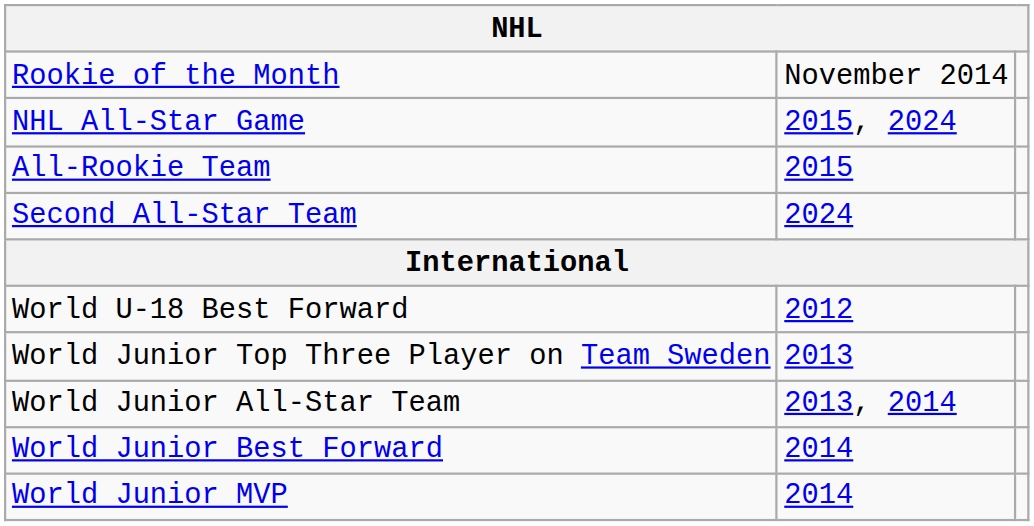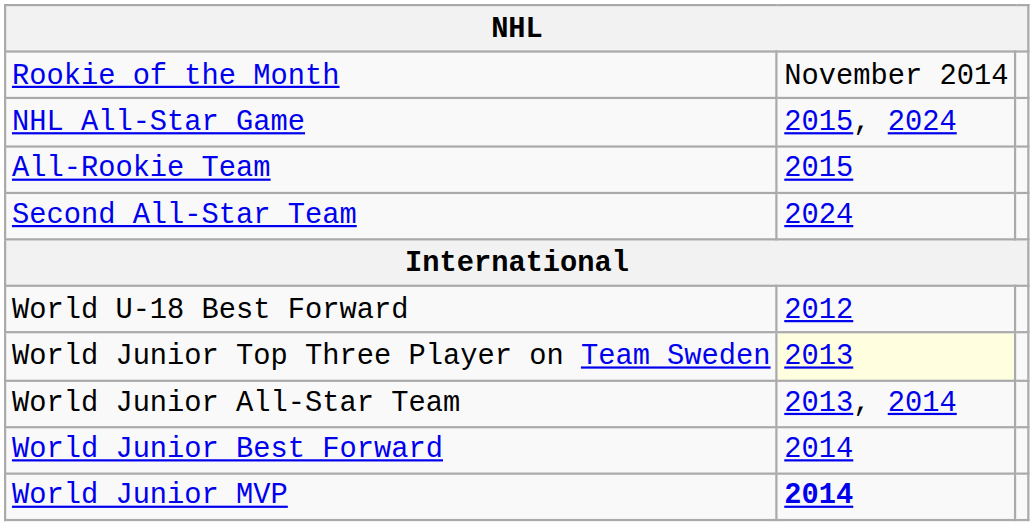 <table class="wikitable" border="1">
 <tr>
 <th colspan="3">NHL</th>
 </tr>
 <tr>
 <td><a href='#'>Rookie of the Month</a></td>
 <td>November 2014</td>
 <td></td>
 </tr>
 <tr>
 <td><a href='#'>NHL All-Star Game</a></td>
 <td><a href='#'>2015</a>, <a href='#'>2024</a></td>
 <td></td>
 </tr>
 <tr>
 <td><a href='#'>All-Rookie Team</a></td>
 <td><a href='#'>2015</a></td>
 <td></td>
 </tr>
 <tr>
 <td><a href='#'>Second All-Star Team</a></td>
 <td><a href='#'>2024</a></td>
 <td></td>
 </tr>
 <tr>
 <th colspan="3">International</th>
 </tr>
 <tr>
 <td>World U-18 Best Forward</td>
 <td><a href='#'>2012</a></td>
 <td></td>
 </tr>
 <tr>
 <td>World Junior Top Three Player on <a href='#'>Team Sweden</a></td>
-<td><a href='#'>2013</a></td>
+<td style="background: lightyellow;"><a href='#'>2013</a></td>
 </tr>
 <tr>
 <td>World Junior All-Star Team</td>
 <td><a href='#'>2013</a>, <a href='#'>2014</a></td>
 <td></td>
 </tr>
 <tr>
 <td><a href='#'>World Junior Best Forward</a></td>
 <td><a href='#'>2014</a></td>
 <td></td>
 </tr>
 <tr>
 <td><a href='#'>World Junior MVP</a></td>
-<td><a href='#'>2014</a></td>
+<td><strong><a href='#'>2014</a></strong></td>
 <td></td>
 </tr>
 </table>
